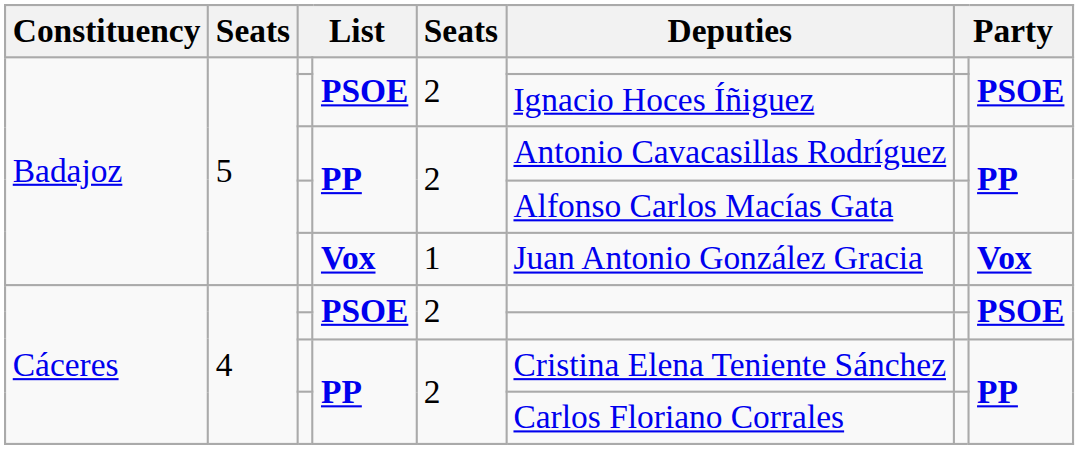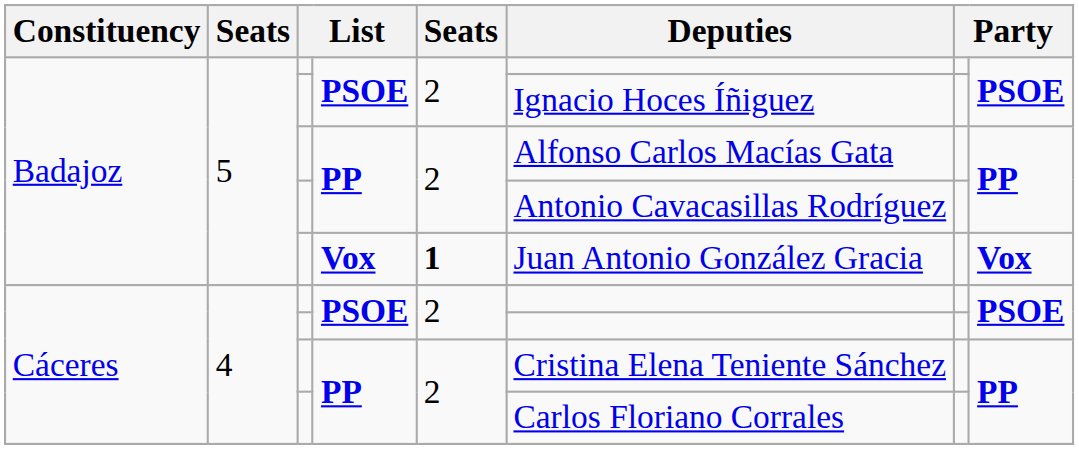 <table class="wikitable sortable">
 <tr>
 <th>Constituency</th>
 <th>Seats</th>
 <th colspan="2">List</th>
 <th>Seats</th>
 <th>Deputies</th>
 <th colspan="2">Party</th>
 </tr>
 <tr>
 <td rowspan="5"><a href='#'>Badajoz</a></td>
 <td rowspan="5">5</td>
 <td></td>
 <td rowspan="2"><strong><a href='#'>PSOE</a></strong></td>
 <td rowspan="2">2</td>
 <td></td>
 <td></td>
 <td rowspan="2"><strong><a href='#'>PSOE</a></strong></td>
 </tr>
 <tr>
 <td></td>
 <td><a href='#'>Ignacio Hoces Íñiguez</a></td>
 <td></td>
 </tr>
 <tr>
 <td></td>
 <td rowspan="2"><strong><a href='#'>PP</a></strong></td>
 <td rowspan="2">2</td>
-<td><a href='#'>Antonio Cavacasillas Rodríguez</a></td>
+<td><a href='#'>Alfonso Carlos Macías Gata</a></td>
 <td></td>
 <td rowspan="2"><strong><a href='#'>PP</a></strong></td>
 </tr>
 <tr>
 <td></td>
-<td><a href='#'>Alfonso Carlos Macías Gata</a></td>
+<td><a href='#'>Antonio Cavacasillas Rodríguez</a></td>
 <td></td>
 </tr>
 <tr>
 <td></td>
 <td><strong><a href='#'>Vox</a></strong></td>
-<td>1</td>
+<td><strong>1</strong></td>
 <td><a href='#'>Juan Antonio González Gracia</a></td>
 <td></td>
 <td><strong><a href='#'>Vox</a></strong></td>
 </tr>
 <tr>
 <td rowspan="4"><a href='#'>Cáceres</a></td>
 <td rowspan="4">4</td>
 <td></td>
 <td rowspan="2"><strong><a href='#'>PSOE</a></strong></td>
 <td rowspan="2">2</td>
 <td></td>
 <td></td>
 <td rowspan="2"><strong><a href='#'>PSOE</a></strong></td>
 </tr>
 <tr>
 <td></td>
 <td></td>
 <td></td>
 </tr>
 <tr>
 <td></td>
 <td rowspan="2"><strong><a href='#'>PP</a></strong></td>
 <td rowspan="2">2</td>
 <td><a href='#'>Cristina Elena Teniente Sánchez</a></td>
 <td></td>
 <td rowspan="2"><strong><a href='#'>PP</a></strong></td>
 </tr>
 <tr>
 <td></td>
 <td><a href='#'>Carlos Floriano Corrales</a></td>
 <td></td>
 </tr>
 </table>
